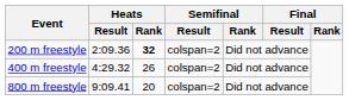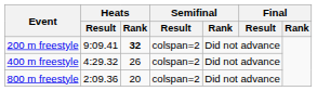 <table class="wikitable" style="font-size:90%; text-align: center">
 <tr>
 <th rowspan="2">Event</th>
 <th colspan="2">Heats</th>
 <th colspan="2">Semifinal</th>
 <th colspan="2">Final</th>
 </tr>
 <tr style="font-size:95%">
 <th>Result</th>
 <th>Rank</th>
 <th>Result</th>
 <th>Rank</th>
 <th>Result</th>
 <th>Rank</th>
 </tr>
 <tr align="center">
 <td align="left"><a href='#'>200 m freestyle</a></td>
-<td>2:09.36</td>
+<td>9:09.41</td>
 <td><strong>32</strong></td>
 <td>colspan=2 </td>
 <td colspan="2">Did not advance</td>
 </tr>
 <tr align="center">
 <td align="left"><a href='#'>400 m freestyle</a></td>
 <td>4:29.32</td>
 <td>26</td>
 <td>colspan=2 </td>
 <td colspan="2">Did not advance</td>
 </tr>
 <tr align="center">
 <td align="left"><a href='#'>800 m freestyle</a></td>
-<td>9:09.41</td>
+<td>2:09.36</td>
 <td>20</td>
 <td>colspan=2 </td>
 <td colspan="2">Did not advance</td>
 </tr>
 </table>
